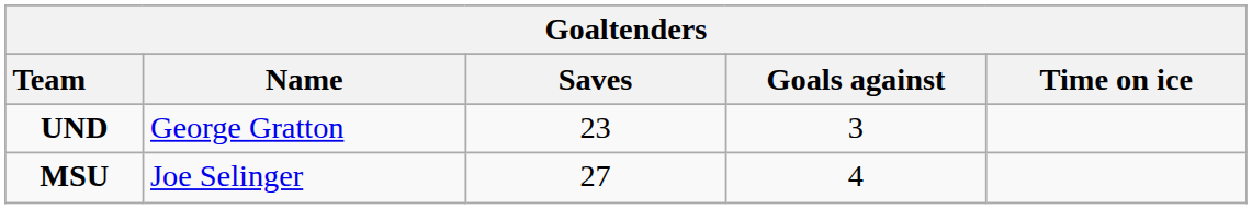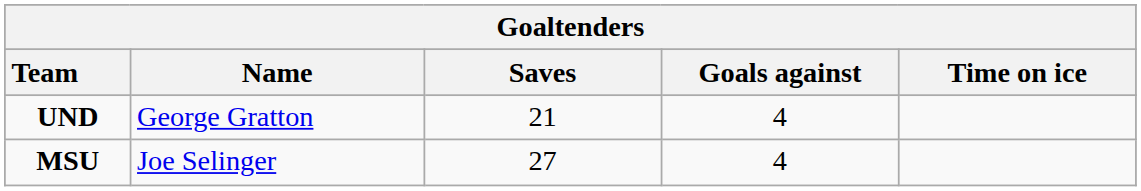 <table class="wikitable" style="width:40em; text-align:right;">
 <tr>
 <th colspan=5>Goaltenders</th>
 </tr>
 <tr>
 <th style="width:4em; text-align:left;">Team</th>
 <th style="width:10em;">Name</th>
 <th style="width:8em;">Saves</th>
 <th style="width:8em;">Goals against</th>
 <th style="width:8em;">Time on ice</th>
 </tr>
 <tr>
 <td align=center><strong>UND</strong></td>
 <td style="text-align:left;"><a href='#'>George Gratton</a></td>
-<td align=center>23</td>
-<td align=center>3</td>
+<td align=center>21</td>
+<td align=center>4</td>
 <td align=center></td>
 </tr>
 <tr>
 <td align=center><strong>MSU</strong></td>
 <td style="text-align:left;"><a href='#'>Joe Selinger</a></td>
 <td align=center>27</td>
 <td align=center>4</td>
 <td align=center></td>
 </tr>
 </table>
